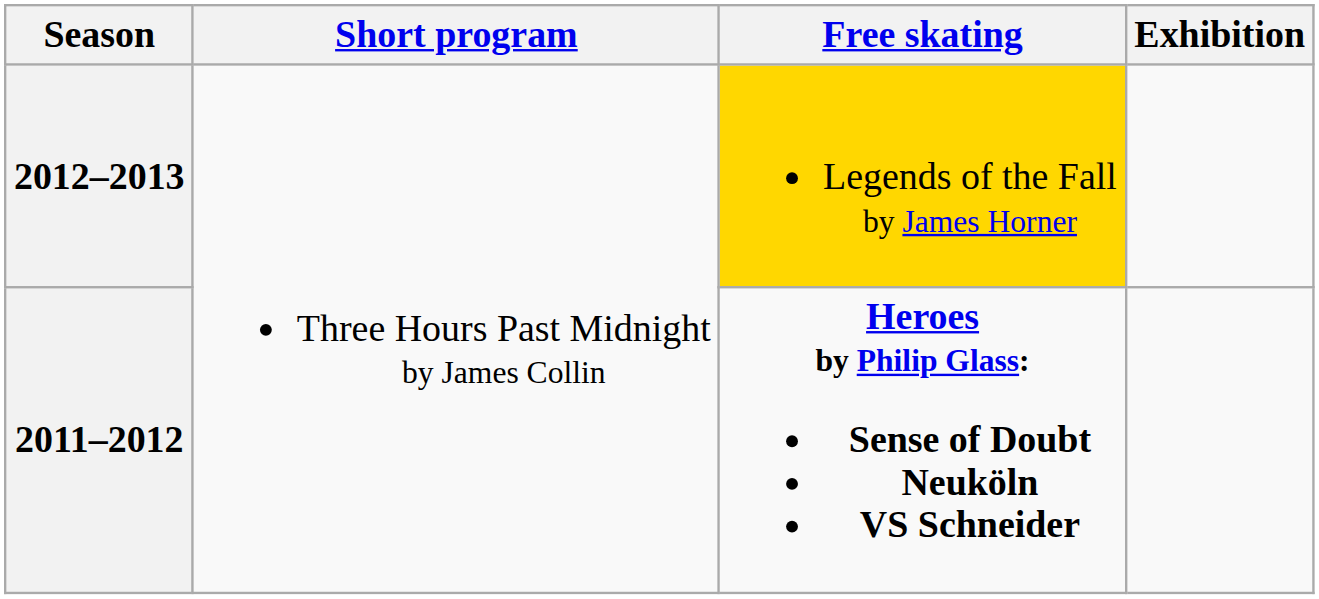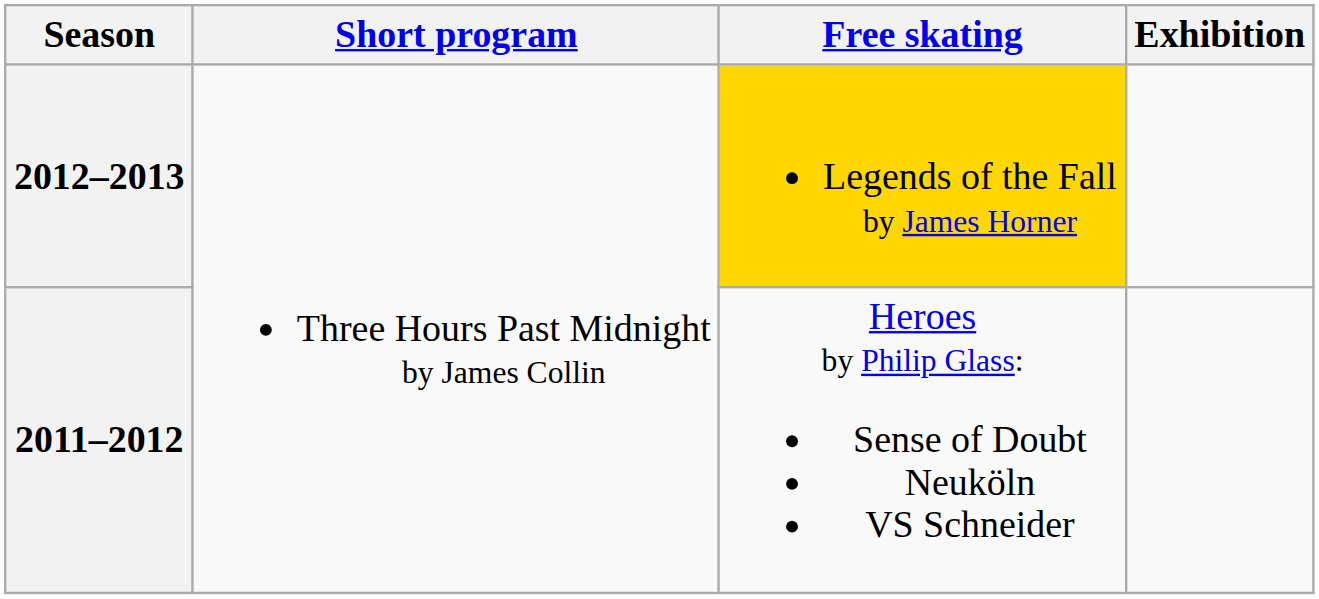 <table class="wikitable" style="text-align:center">
 <tr>
 <th>Season</th>
 <th><a href='#'>Short program</a></th>
 <th><a href='#'>Free skating</a></th>
 <th>Exhibition</th>
 </tr>
 <tr>
 <th>2012–2013 <br> </th>
 <td rowspan=2><br><ul><li>Three Hours Past Midnight <br><small> by James Collin </small></li></ul></td>
 <td style="background: gold;"><br><ul><li>Legends of the Fall <br><small> by <a href='#'>James Horner</a> </small></li></ul></td>
 <td></td>
 </tr>
 <tr>
 <th>2011–2012 <br> </th>
-<td><strong><a href='#'>Heroes</a> <br><small> by <a href='#'>Philip Glass</a>:</small><br><ul><li>Sense of Doubt</li><li>Neuköln</li><li>VS Schneider</li></ul></strong></td>
+<td><a href='#'>Heroes</a> <br><small> by <a href='#'>Philip Glass</a>:</small><br><ul><li>Sense of Doubt</li><li>Neuköln</li><li>VS Schneider</li></ul></td>
 <td></td>
 </tr>
 </table>
